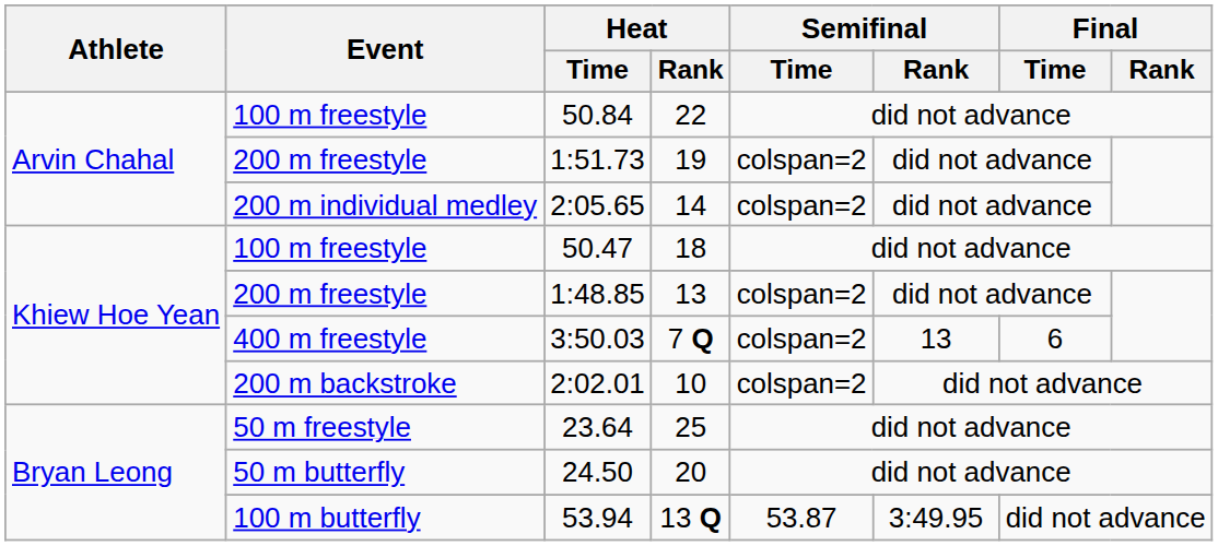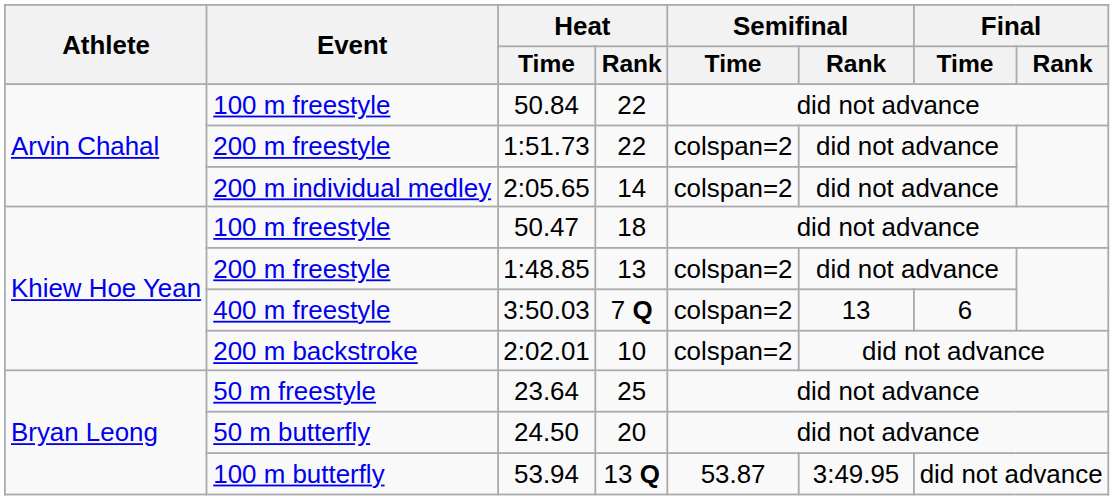 <table class=wikitable style=font-size:90%>
 <tr>
 <th rowspan=2>Athlete</th>
 <th rowspan=2>Event</th>
 <th colspan=2>Heat</th>
 <th colspan=2>Semifinal</th>
 <th colspan=2>Final</th>
 </tr>
 <tr style=font-size:95%>
 <th>Time</th>
 <th>Rank</th>
 <th>Time</th>
 <th>Rank</th>
 <th>Time</th>
 <th>Rank</th>
 </tr>
 <tr style="text-align:center">
 <td style="text-align:left" rowspan=3><a href='#'>Arvin Chahal</a></td>
 <td style="text-align:left" rowspan="1"><a href='#'>100 m freestyle</a></td>
 <td>50.84</td>
 <td>22</td>
 <td colspan=4>did not advance</td>
 </tr>
 <tr style="text-align:center">
 <td style="text-align:left" rowspan="1"><a href='#'>200 m freestyle</a></td>
 <td>1:51.73</td>
-<td>19</td>
+<td>22</td>
 <td>colspan=2 </td>
 <td colspan=2>did not advance</td>
 </tr>
 <tr style="text-align:center">
 <td style="text-align:left" rowspan="1"><a href='#'>200 m individual medley</a></td>
 <td>2:05.65</td>
 <td>14</td>
 <td>colspan=2 </td>
 <td colspan=2>did not advance</td>
 </tr>
 <tr style="text-align:center">
 <td style="text-align:left" rowspan=4><a href='#'>Khiew Hoe Yean</a></td>
 <td style="text-align:left" rowspan="1"><a href='#'>100 m freestyle</a></td>
 <td>50.47</td>
 <td>18</td>
 <td colspan=4>did not advance</td>
 </tr>
 <tr style="text-align:center">
 <td style="text-align:left" rowspan="1"><a href='#'>200 m freestyle</a></td>
 <td>1:48.85</td>
 <td>13</td>
 <td>colspan=2 </td>
 <td colspan=2>did not advance</td>
 </tr>
 <tr style="text-align:center">
 <td style="text-align:left" rowspan="1"><a href='#'>400 m freestyle</a></td>
 <td>3:50.03</td>
 <td>7 <strong>Q</strong></td>
 <td>colspan=2 </td>
 <td>13</td>
 <td>6</td>
 </tr>
 <tr style="text-align:center">
 <td style="text-align:left" rowspan="1"><a href='#'>200 m backstroke</a></td>
 <td>2:02.01</td>
 <td>10</td>
 <td>colspan=2 </td>
 <td colspan=4>did not advance</td>
 </tr>
 <tr style="text-align:center">
 <td style="text-align:left" rowspan=3><a href='#'>Bryan Leong</a></td>
 <td style="text-align:left" rowspan="1"><a href='#'>50 m freestyle</a></td>
 <td>23.64</td>
 <td>25</td>
 <td colspan=4>did not advance</td>
 </tr>
 <tr style="text-align:center">
 <td style="text-align:left" rowspan="1"><a href='#'>50 m butterfly</a></td>
 <td>24.50</td>
 <td>20</td>
 <td colspan=4>did not advance</td>
 </tr>
 <tr style="text-align:center">
 <td style="text-align:left" rowspan="1"><a href='#'>100 m butterfly</a></td>
 <td>53.94</td>
 <td>13 <strong>Q</strong></td>
 <td>53.87</td>
 <td>3:49.95</td>
 <td colspan=2>did not advance</td>
 </tr>
 </table>
